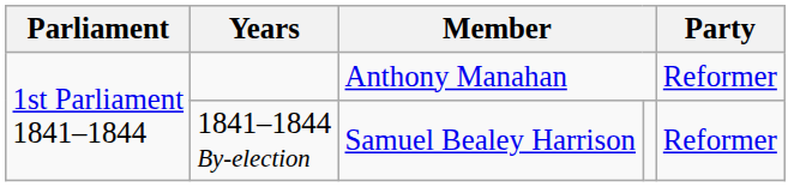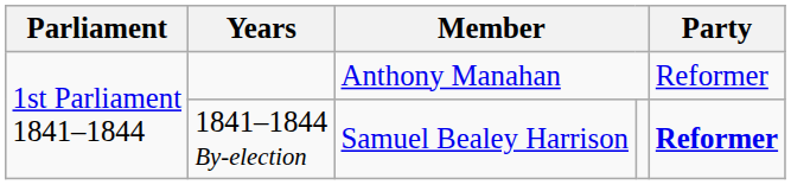 <table class="wikitable">
 <tr>
 <th>Parliament</th>
 <th>Years</th>
 <th colspan="2">Member</th>
 <th>Party</th>
 </tr>
 <tr>
 <td rowspan="2"><a href='#'>1st Parliament</a><br>1841–1844</td>
 <td></td>
 <td colspan="2"><a href='#'>Anthony Manahan</a></td>
 <td><a href='#'>Reformer</a></td>
 </tr>
 <tr>
 <td>1841–1844<br><small><em>By-election</em></small></td>
 <td><a href='#'>Samuel Bealey Harrison</a></td>
 <td></td>
-<td><a href='#'>Reformer</a></td>
+<td><strong><a href='#'>Reformer</a></strong></td>
 </tr>
 </table>
